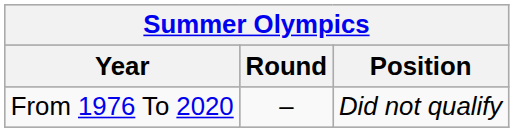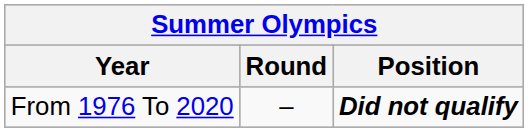 <table class="wikitable" style="text-align: center;font-size:100%;">
 <tr>
 <th colspan=20><a href='#'>Summer Olympics</a></th>
 </tr>
 <tr>
 <th>Year</th>
 <th>Round</th>
 <th>Position</th>
 </tr>
 <tr valign="top" bgcolor=>
 <td>From  <a href='#'>1976</a> To  <a href='#'>2020</a></td>
 <td>–</td>
-<td><em>Did not qualify</em></td>
+<td><strong><em>Did not qualify</em></strong></td>
 </tr>
 </table>
